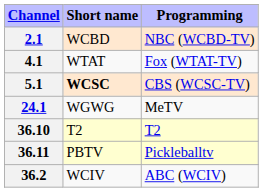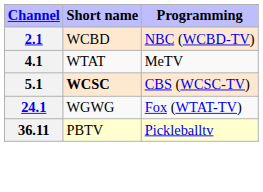 <table class="wikitable">
 <tr>
 <th style="background-color: #bdbdff" scope = "col"><a href='#'>Channel</a></th>
 <th style="background-color: #bdbdff" scope = "col">Short name</th>
 <th style="background-color: #bdbdff" scope = "col">Programming</th>
 </tr>
 <tr>
 <th scope = "row"><a href='#'>2.1</a></th>
 <td style="background-color: #ffe8d0">WCBD</td>
 <td style="background-color: #ffe8d0"><a href='#'>NBC</a> (<a href='#'>WCBD-TV</a>) </td>
 </tr>
 <tr>
 <th scope = "row">4.1</th>
 <td>WTAT</td>
-<td><a href='#'>Fox</a> (<a href='#'>WTAT-TV</a>)</td>
+<td>MeTV</td>
 </tr>
 <tr>
 <th scope = "row">5.1</th>
 <td style="background-color: #ffe8d0"><strong>WCSC</strong></td>
 <td style="background-color: #ffe8d0"><a href='#'>CBS</a> (<a href='#'>WCSC-TV</a>) </td>
 </tr>
 <tr>
 <th scope = "row"><a href='#'>24.1</a></th>
 <td>WGWG</td>
-<td>MeTV</td>
-</tr>
-<tr>
-<th scope = "row">36.10</th>
-<td style="background-color:#ffffd0">T2</td>
-<td style="background-color:#ffffd0"><a href='#'>T2</a></td>
+<td><a href='#'>Fox</a> (<a href='#'>WTAT-TV</a>)</td>
 </tr>
 <tr>
 <th scope = "row">36.11</th>
 <td style="background-color:#ffffd0">PBTV</td>
 <td style="background-color:#ffffd0"><a href='#'>Pickleballtv</a></td>
 </tr>
-<tr>
-<th scope = "row">36.2</th>
-<td>WCIV</td>
-<td><a href='#'>ABC</a> (<a href='#'>WCIV</a>)</td>
-</tr>
 </table>
